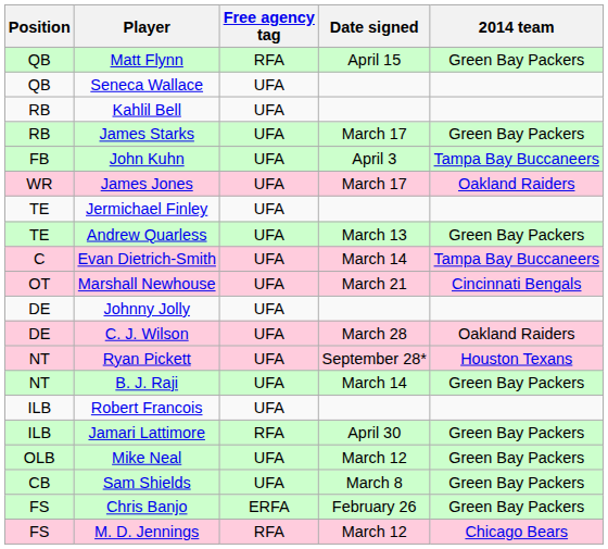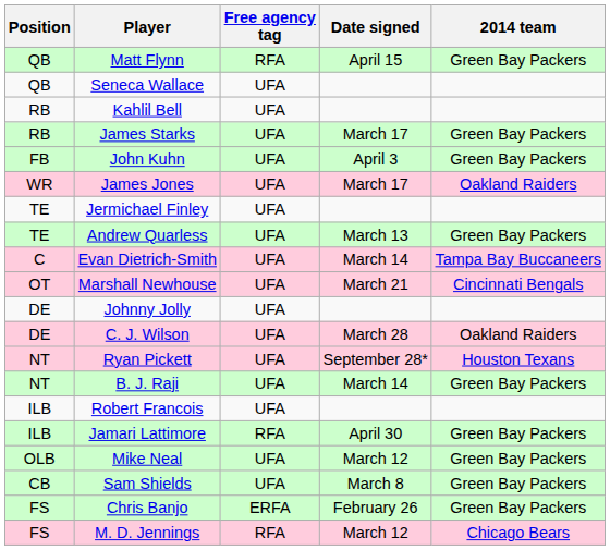 <table class="wikitable" style="font-size: 95%;">
 <tr>
 <th>Position</th>
 <th>Player</th>
 <th><a href='#'><span>Free agency</span></a><br>tag</th>
 <th>Date signed</th>
 <th>2014 team</th>
 </tr>
 <tr style="background:#CFC; text-align:center;">
 <td>QB</td>
 <td><a href='#'>Matt Flynn</a></td>
 <td>RFA</td>
 <td>April 15</td>
 <td>Green Bay Packers</td>
 </tr>
 <tr style="background:#; text-align:center;">
 <td>QB</td>
 <td><a href='#'>Seneca Wallace</a></td>
 <td>UFA</td>
 <td></td>
 <td></td>
 </tr>
 <tr style="background:#; text-align:center;">
 <td>RB</td>
 <td><a href='#'>Kahlil Bell</a></td>
 <td>UFA</td>
 <td></td>
 <td></td>
 </tr>
 <tr style="background:#CFC; text-align:center;">
 <td>RB</td>
 <td><a href='#'>James Starks</a></td>
 <td>UFA</td>
 <td>March 17</td>
 <td>Green Bay Packers</td>
 </tr>
 <tr style="background:#CFC; text-align:center;">
 <td>FB</td>
 <td><a href='#'>John Kuhn</a></td>
 <td>UFA</td>
 <td>April 3</td>
-<td><a href='#'>Tampa Bay Buccaneers</a></td>
+<td>Green Bay Packers</td>
 </tr>
 <tr style="background:#FCD; text-align:center;">
 <td>WR</td>
 <td><a href='#'>James Jones</a></td>
 <td>UFA</td>
 <td>March 17</td>
 <td><a href='#'>Oakland Raiders</a></td>
 </tr>
 <tr style="background:#; text-align:center;">
 <td>TE</td>
 <td><a href='#'>Jermichael Finley</a></td>
 <td>UFA</td>
 <td></td>
 <td></td>
 </tr>
 <tr style="background:#CFC; text-align:center;">
 <td>TE</td>
 <td><a href='#'>Andrew Quarless</a></td>
 <td>UFA</td>
 <td>March 13</td>
 <td>Green Bay Packers</td>
 </tr>
 <tr style="background:#FCD; text-align:center;">
 <td>C</td>
 <td><a href='#'>Evan Dietrich-Smith</a></td>
 <td>UFA</td>
 <td>March 14</td>
 <td><a href='#'>Tampa Bay Buccaneers</a></td>
 </tr>
 <tr style="background:#FCD; text-align:center;">
 <td>OT</td>
 <td><a href='#'>Marshall Newhouse</a></td>
 <td>UFA</td>
 <td>March 21</td>
 <td><a href='#'>Cincinnati Bengals</a></td>
 </tr>
 <tr style="background:#; text-align:center;">
 <td>DE</td>
 <td><a href='#'>Johnny Jolly</a></td>
 <td>UFA</td>
 <td></td>
 <td></td>
 </tr>
 <tr style="background:#FCD; text-align:center;">
 <td>DE</td>
 <td><a href='#'>C. J. Wilson</a></td>
 <td>UFA</td>
 <td>March 28</td>
 <td>Oakland Raiders</td>
 </tr>
 <tr style="background:#FCD; text-align:center;">
 <td>NT</td>
 <td><a href='#'>Ryan Pickett</a></td>
 <td>UFA</td>
 <td>September 28*</td>
 <td><a href='#'>Houston Texans</a></td>
 </tr>
 <tr style="background:#CFC; text-align:center;">
 <td>NT</td>
 <td><a href='#'>B. J. Raji</a></td>
 <td>UFA</td>
 <td>March 14</td>
 <td>Green Bay Packers</td>
 </tr>
 <tr style="background:#; text-align:center;">
 <td>ILB</td>
 <td><a href='#'>Robert Francois</a></td>
 <td>UFA</td>
 <td></td>
 <td></td>
 </tr>
 <tr style="background:#CFC; text-align:center;">
 <td>ILB</td>
 <td><a href='#'>Jamari Lattimore</a></td>
 <td>RFA</td>
 <td>April 30</td>
 <td>Green Bay Packers</td>
 </tr>
 <tr style="background:#CFC; text-align:center;">
 <td>OLB</td>
 <td><a href='#'>Mike Neal</a></td>
 <td>UFA</td>
 <td>March 12</td>
 <td>Green Bay Packers</td>
 </tr>
 <tr style="background:#CFC; text-align:center;">
 <td>CB</td>
 <td><a href='#'>Sam Shields</a></td>
 <td>UFA</td>
 <td>March 8</td>
 <td>Green Bay Packers</td>
 </tr>
 <tr style="background:#CFC; text-align:center;">
 <td>FS</td>
 <td><a href='#'>Chris Banjo</a></td>
 <td>ERFA</td>
 <td>February 26</td>
 <td>Green Bay Packers</td>
 </tr>
 <tr style="background:#FCD; text-align:center;">
 <td>FS</td>
 <td><a href='#'>M. D. Jennings</a></td>
 <td>RFA</td>
 <td>March 12</td>
 <td><a href='#'>Chicago Bears</a></td>
 </tr>
 </table>
